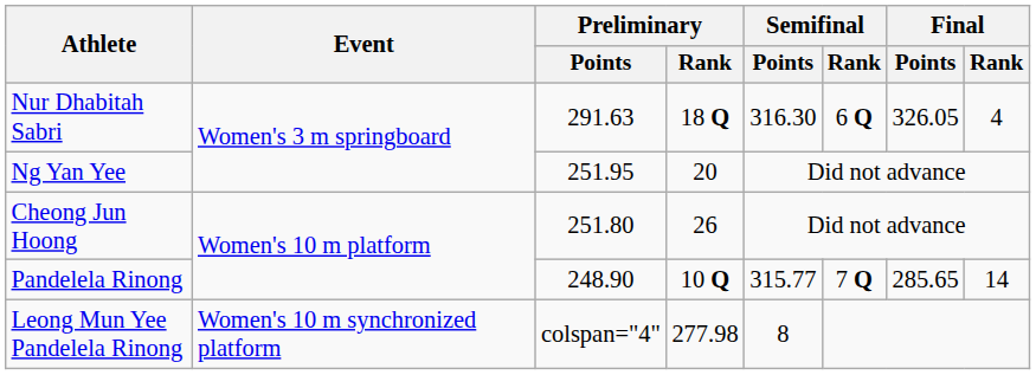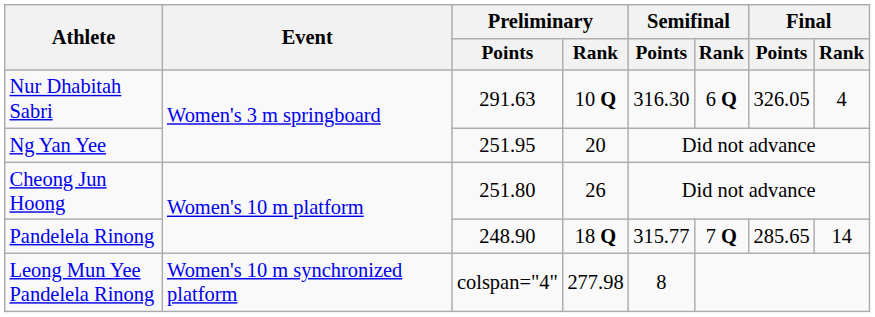 <table class=wikitable style="font-size:90%">
 <tr>
 <th rowspan="2">Athlete</th>
 <th rowspan="2">Event</th>
 <th colspan="2">Preliminary</th>
 <th colspan="2">Semifinal</th>
 <th colspan="2">Final</th>
 </tr>
 <tr style="font-size:95%">
 <th>Points</th>
 <th>Rank</th>
 <th>Points</th>
 <th>Rank</th>
 <th>Points</th>
 <th>Rank</th>
 </tr>
 <tr align=center>
 <td align=left><a href='#'>Nur Dhabitah Sabri</a></td>
 <td align=left rowspan=2><a href='#'>Women's 3 m springboard</a></td>
 <td>291.63</td>
-<td>18 <strong>Q</strong></td>
+<td>10 <strong>Q</strong></td>
 <td>316.30</td>
 <td>6 <strong>Q</strong></td>
 <td>326.05</td>
 <td>4</td>
 </tr>
 <tr align=center>
 <td align=left><a href='#'>Ng Yan Yee</a></td>
 <td>251.95</td>
 <td>20</td>
 <td colspan=4>Did not advance</td>
 </tr>
 <tr align=center>
 <td align=left><a href='#'>Cheong Jun Hoong</a></td>
 <td align=left rowspan=2><a href='#'>Women's 10 m platform</a></td>
 <td>251.80</td>
 <td>26</td>
 <td colspan="4">Did not advance</td>
 </tr>
 <tr align=center>
 <td align=left><a href='#'>Pandelela Rinong</a></td>
 <td>248.90</td>
-<td>10 <strong>Q</strong></td>
+<td>18 <strong>Q</strong></td>
 <td>315.77</td>
 <td>7 <strong>Q</strong></td>
 <td>285.65</td>
 <td>14</td>
 </tr>
 <tr align=center>
 <td align=left><a href='#'>Leong Mun Yee</a><br><a href='#'>Pandelela Rinong</a></td>
 <td align=left><a href='#'>Women's 10 m synchronized platform</a></td>
 <td>colspan="4" </td>
 <td>277.98</td>
 <td>8</td>
 </tr>
 </table>
